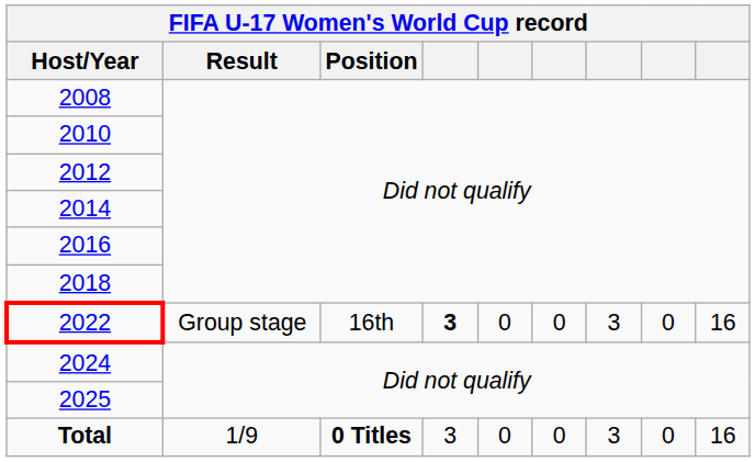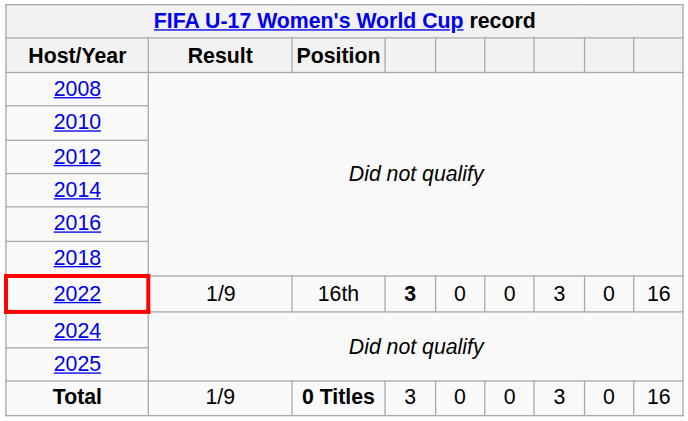 <table class="wikitable" style="text-align: center;">
 <tr>
 <th colspan=9 style="background:color: #0000FF;"><a href='#'>FIFA U-17 Women's World Cup</a> record</th>
 </tr>
 <tr>
 <th style="width:100px;">Host/Year</th>
 <th style="width:100px;">Result</th>
 <th style="width:60px;">Position</th>
 <th style="width:30px;"></th>
 <th style="width:30px;"></th>
 <th style="width:30px;"></th>
 <th style="width:30px;"></th>
 <th style="width:30px;"></th>
 <th style="width:30px;"></th>
 </tr>
 <tr>
 <td> <a href='#'>2008</a></td>
 <td rowspan=6 colspan=8><em>Did not qualify</em></td>
 </tr>
 <tr>
 <td> <a href='#'>2010</a></td>
 </tr>
 <tr>
 <td> <a href='#'>2012</a></td>
 </tr>
 <tr>
 <td> <a href='#'>2014</a></td>
 </tr>
 <tr>
 <td> <a href='#'>2016</a></td>
 </tr>
 <tr>
 <td> <a href='#'>2018</a></td>
 </tr>
 <tr>
 <td style="border: 3px solid red"> <a href='#'>2022</a></td>
-<td>Group stage</td>
+<td>1/9</td>
 <td>16th</td>
 <td><strong>3</strong></td>
 <td>0</td>
 <td>0</td>
 <td>3</td>
 <td>0</td>
 <td>16</td>
 </tr>
 <tr>
 <td> <a href='#'>2024</a></td>
 <td rowspan=2 colspan=8><em>Did not qualify</em></td>
 </tr>
 <tr>
 <td> <a href='#'>2025</a></td>
 </tr>
 <tr>
 <td><strong>Total</strong></td>
 <td>1/9</td>
 <td><strong>0 Titles</strong></td>
 <td>3</td>
 <td>0</td>
 <td>0</td>
 <td>3</td>
 <td>0</td>
 <td>16</td>
 </tr>
 </table>
